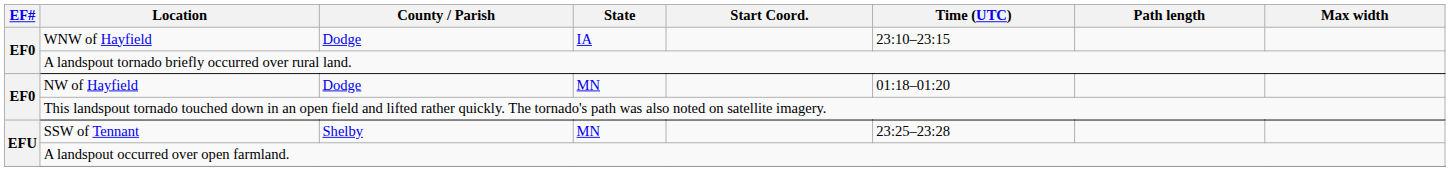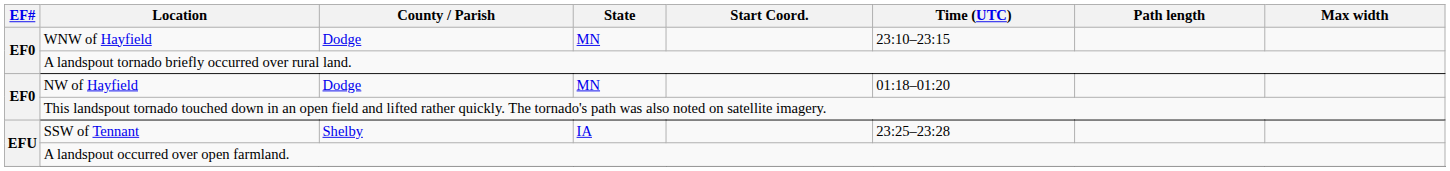 <table class="wikitable sortable" style="width:100%;">
 <tr>
 <th scope="col" width="2%" align="center"><a href='#'>EF#</a></th>
 <th scope="col" align="center" class="unsortable">Location</th>
 <th scope="col" align="center" class="unsortable">County / Parish</th>
 <th scope="col" align="center">State</th>
 <th scope="col" align="center">Start Coord.</th>
 <th scope="col" align="center">Time (<a href='#'>UTC</a>)</th>
 <th scope="col" align="center">Path length</th>
 <th scope="col" align="center">Max width</th>
 </tr>
 <tr>
 <th scope="row" rowspan="2" style="background-color:#">EF0</th>
 <td>WNW of <a href='#'>Hayfield</a></td>
 <td><a href='#'>Dodge</a></td>
-<td><a href='#'>IA</a></td>
+<td><a href='#'>MN</a></td>
 <td></td>
 <td>23:10–23:15</td>
 <td></td>
 <td></td>
 </tr>
 <tr class="expand-child">
 <td colspan="8" style=" border-bottom: 1px solid black;">A landspout tornado briefly occurred over rural land.</td>
 </tr>
 <tr>
 <th scope="row" rowspan="2" style="background-color:#">EF0</th>
 <td>NW of <a href='#'>Hayfield</a></td>
 <td><a href='#'>Dodge</a></td>
 <td><a href='#'>MN</a></td>
 <td></td>
 <td>01:18–01:20</td>
 <td></td>
 <td></td>
 </tr>
 <tr class="expand-child">
 <td colspan="8" style=" border-bottom: 1px solid black;">This landspout tornado touched down in an open field and lifted rather quickly. The tornado's path was also noted on satellite imagery.</td>
 </tr>
 <tr>
 <th scope="row" rowspan="2" style="background-color:#">EFU</th>
 <td>SSW of <a href='#'>Tennant</a></td>
 <td><a href='#'>Shelby</a></td>
-<td><a href='#'>MN</a></td>
+<td><a href='#'>IA</a></td>
 <td></td>
 <td>23:25–23:28</td>
 <td></td>
 <td></td>
 </tr>
 <tr class="expand-child">
 <td colspan="8" style=" border-bottom: 1px solid black;">A landspout occurred over open farmland.</td>
 </tr>
 <tr>
 </tr>
 </table>
